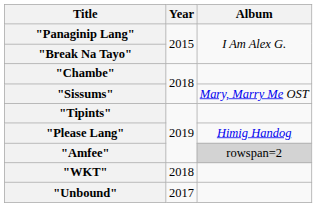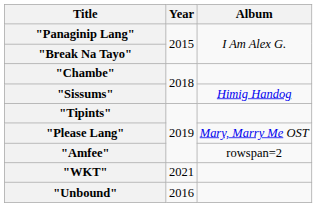 <table class="wikitable plainrowheaders" style="text-align:center;">
 <tr>
 <th scope="col" rowspan="1" style="width:200px;">Title</th>
 <th scope="col" rowspan="1">Year</th>
 <th scope="col" rowspan="1">Album</th>
 </tr>
 <tr>
 <th scope="row">"Panaginip Lang"</th>
 <td rowspan=2>2015</td>
 <td rowspan=2><em>I Am Alex G.</em></td>
 </tr>
 <tr>
 <th scope="row">"Break Na Tayo"</th>
 </tr>
 <tr>
 <th scope="row">"Chambe"</th>
 <td rowspan=2>2018</td>
 <td></td>
 </tr>
 <tr>
 <th scope="row">"Sissums" <br> </th>
-<td><em><a href='#'>Mary, Marry Me</a> OST</em></td>
+<td><em><a href='#'>Himig Handog</a></em></td>
 </tr>
 <tr>
 <th scope="row">"Tipints"</th>
 <td rowspan=3>2019</td>
 <td></td>
 </tr>
 <tr>
 <th scope="row">"Please Lang" <br> </th>
-<td><em><a href='#'>Himig Handog</a></em></td>
+<td><em><a href='#'>Mary, Marry Me</a> OST</em></td>
 </tr>
 <tr>
 <th scope="row">"Amfee"</th>
-<td style="background: lightgrey;">rowspan=2 </td>
+<td>rowspan=2 </td>
 </tr>
 <tr>
 <th scope="row">"WKT" <br> </th>
-<td>2018</td>
+<td>2021</td>
 </tr>
 <tr>
 <th scope="row">"Unbound"<br> </th>
-<td>2017</td>
+<td>2016</td>
 <td></td>
 </tr>
 </table>
